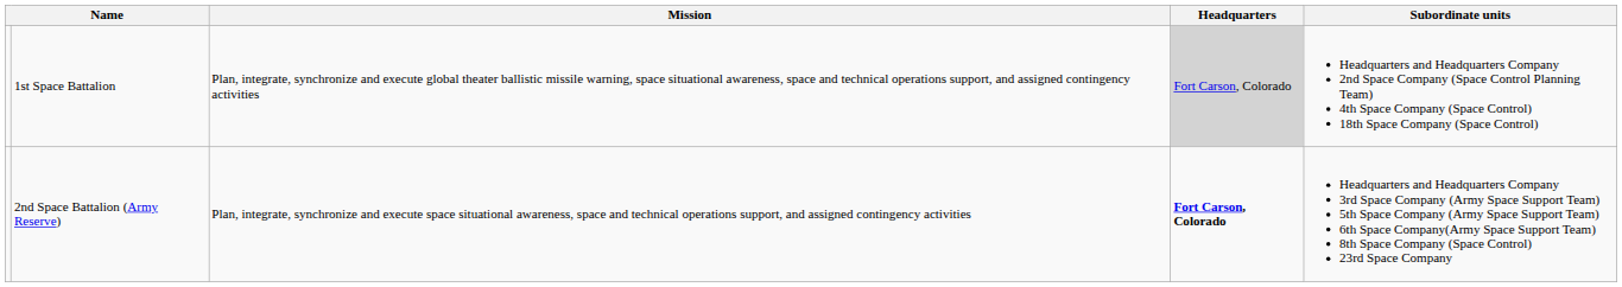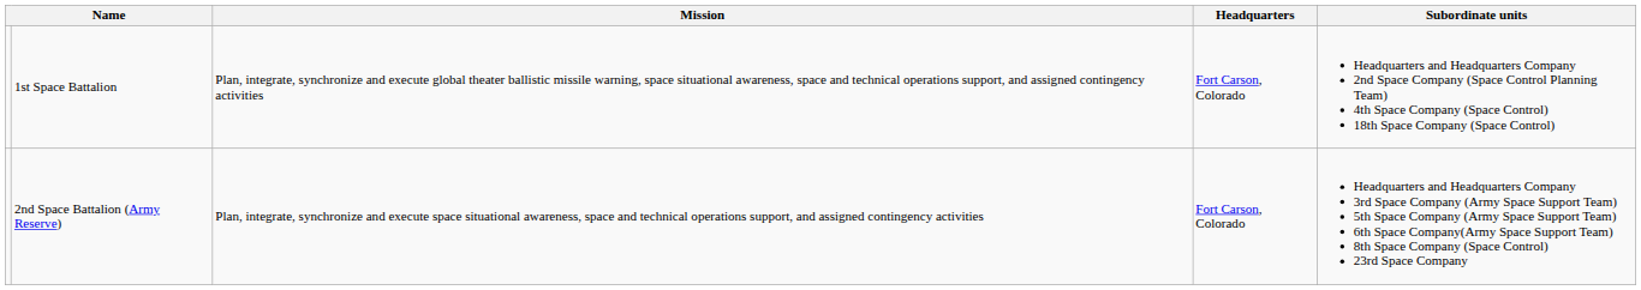 <table class="wikitable">
 <tr>
 <th colspan=2>Name</th>
 <th>Mission</th>
 <th>Headquarters</th>
 <th>Subordinate units</th>
 </tr>
 <tr>
 <td></td>
 <td>1st Space Battalion</td>
 <td>Plan, integrate, synchronize and execute global theater ballistic missile warning, space situational awareness, space and technical operations support, and assigned contingency activities</td>
-<td style="background: lightgrey;"><a href='#'>Fort Carson</a>, Colorado</td>
+<td><a href='#'>Fort Carson</a>, Colorado</td>
 <td><br><ul><li>Headquarters and Headquarters Company</li><li>2nd Space Company (Space Control Planning Team)</li><li>4th Space Company (Space Control)</li><li>18th Space Company (Space Control)</li></ul></td>
 </tr>
 <tr>
 <td></td>
 <td>2nd Space Battalion (<a href='#'>Army Reserve</a>)</td>
 <td>Plan, integrate, synchronize and execute space situational awareness, space and technical operations support, and assigned contingency activities</td>
-<td><strong><a href='#'>Fort Carson</a>, Colorado</strong></td>
+<td><a href='#'>Fort Carson</a>, Colorado</td>
 <td><br><ul><li>Headquarters and Headquarters Company</li><li>3rd Space Company (Army Space Support Team) </li><li>5th Space Company (Army Space Support Team)</li><li>6th Space Company(Army Space Support Team)</li><li>8th Space Company (Space Control)</li><li>23rd Space Company</li></ul></td>
 </tr>
 </table>
